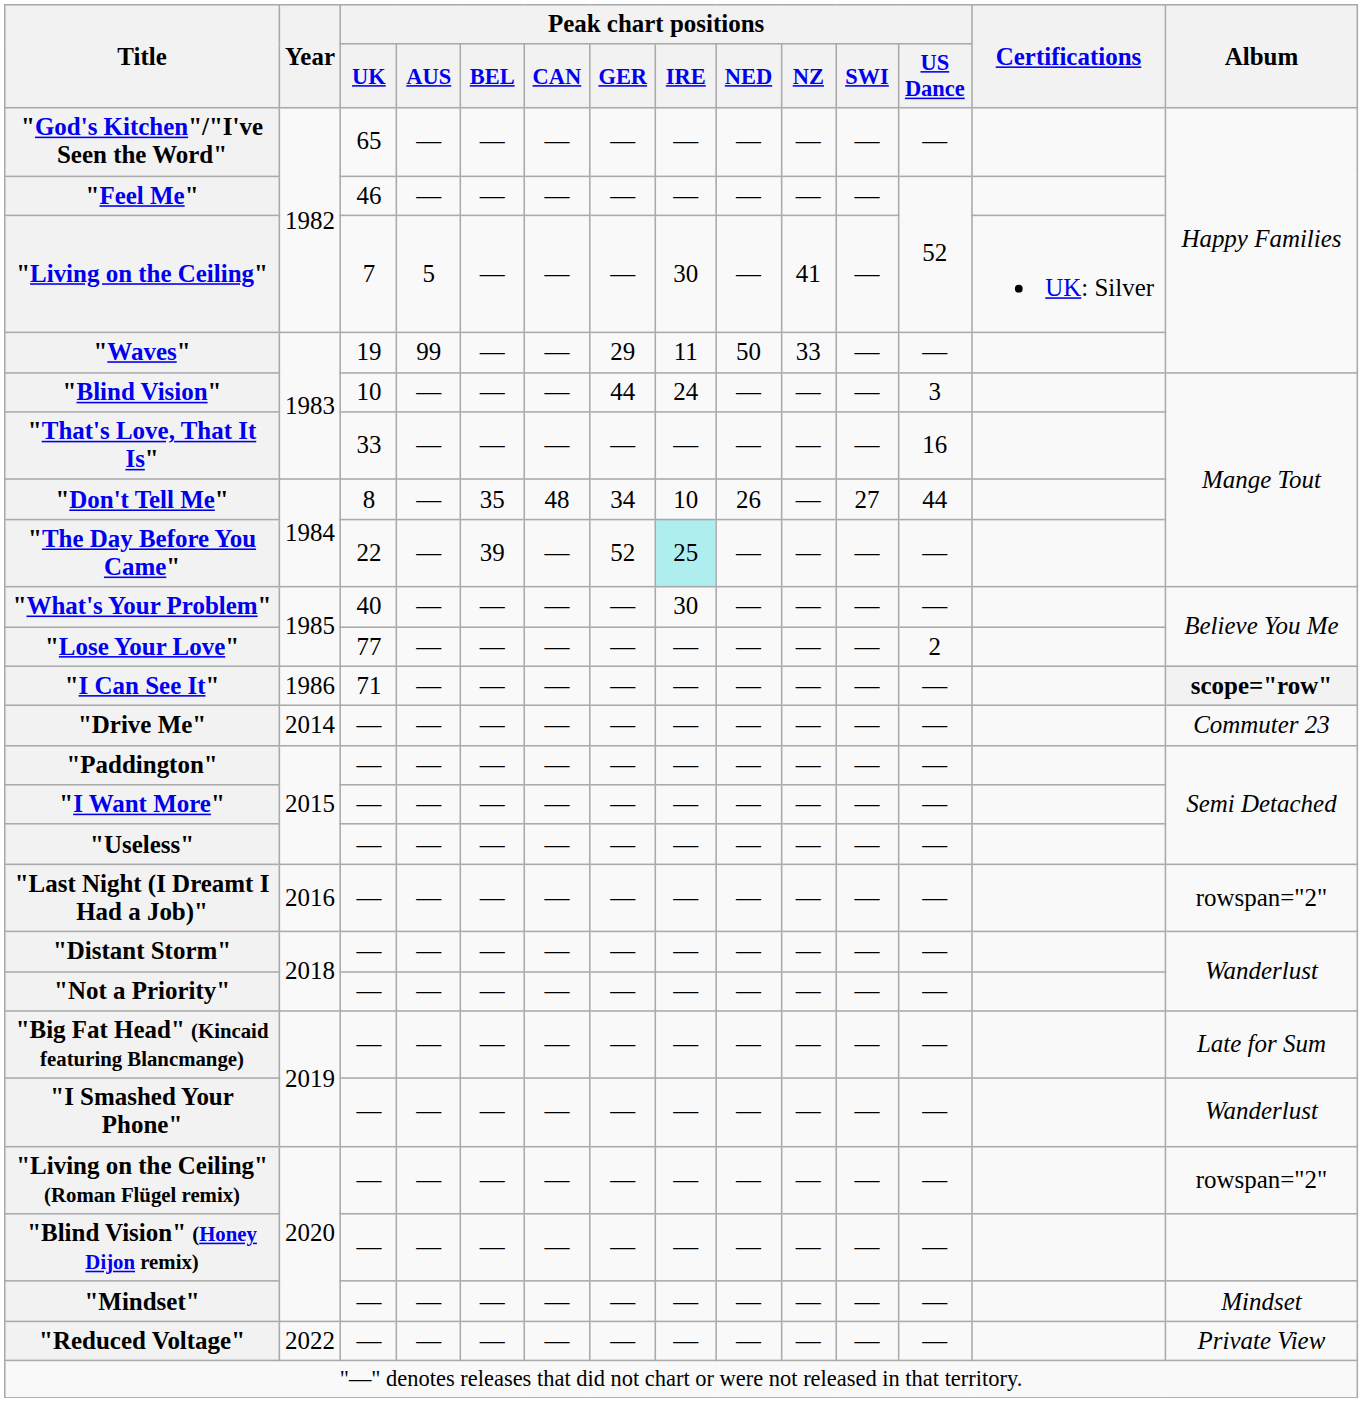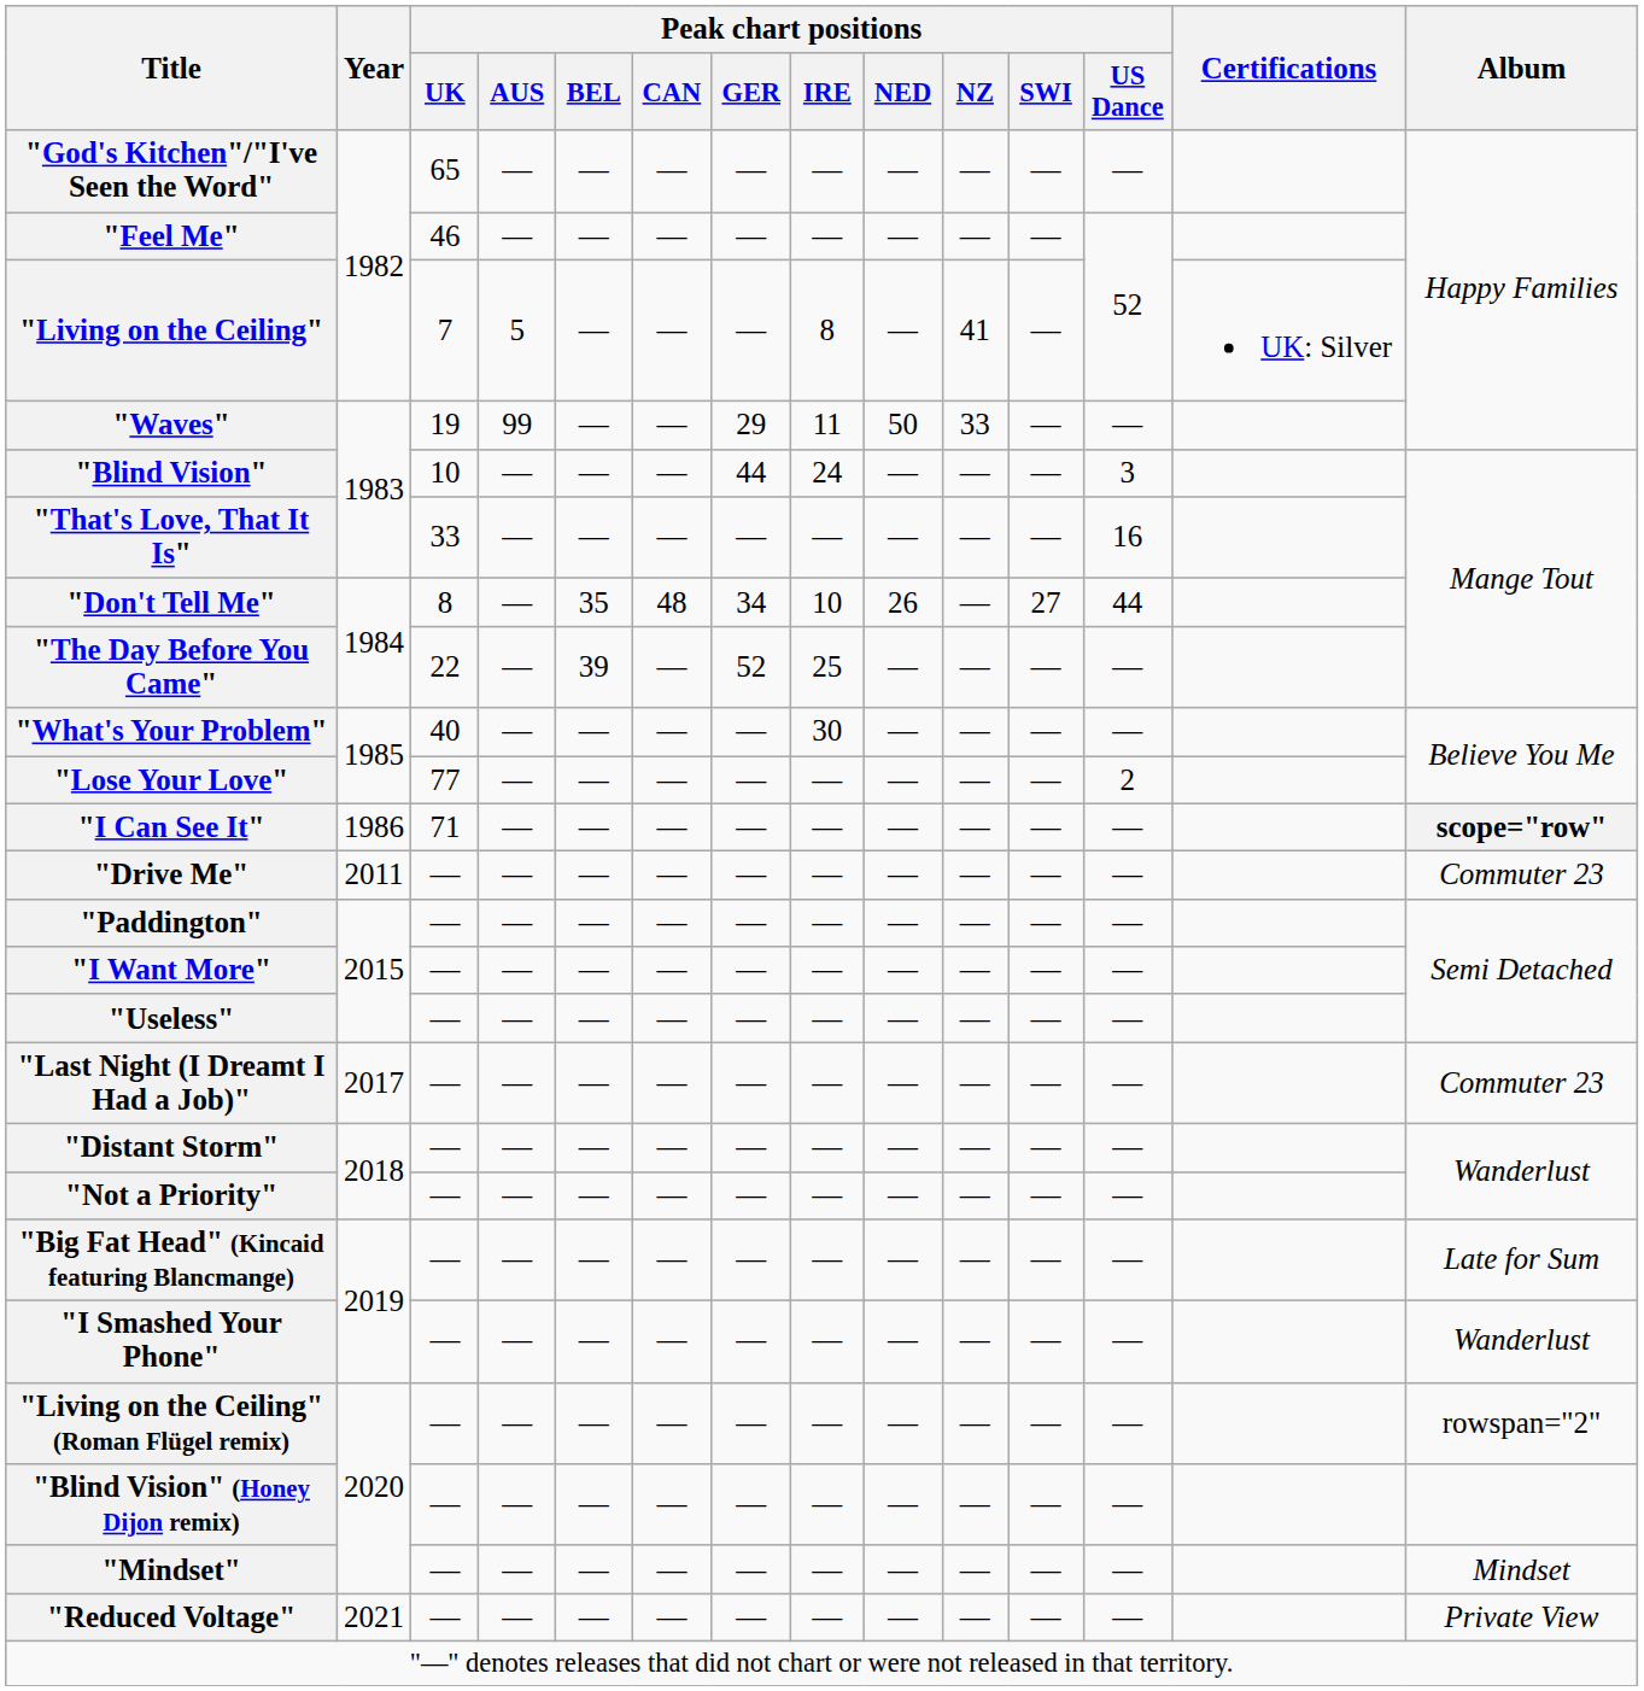 <table class="wikitable plainrowheaders" style="text-align:center;">
 <tr>
 <th rowspan="2" scope="col" style="width:18em;">Title</th>
 <th scope="col" rowspan="2" style="width:2em;">Year</th>
 <th colspan="10" scope="col">Peak chart positions</th>
 <th scope="col" rowspan="2" style="width:10em;"><a href='#'>Certifications</a></th>
 <th scope="col" rowspan="2" style="width:10em;">Album</th>
 </tr>
 <tr>
 <th scope="col" style="width:3em;font-size:90%;"><a href='#'>UK</a><br></th>
 <th scope="col" style="width:3em;font-size:90%;"><a href='#'>AUS</a><br></th>
 <th scope="col" style="width:3em;font-size:90%;"><a href='#'>BEL</a><br></th>
 <th scope="col" style="width:3em;font-size:90%;"><a href='#'>CAN</a><br></th>
 <th scope="col" style="width:3em;font-size:90%;"><a href='#'>GER</a><br></th>
 <th scope="col" style="width:3em;font-size:90%;"><a href='#'>IRE</a><br></th>
 <th scope="col" style="width:3em;font-size:90%;"><a href='#'>NED</a><br></th>
 <th scope="col" style="width:3em;font-size:90%;"><a href='#'>NZ</a><br></th>
 <th scope="col" style="width:3em;font-size:90%;"><a href='#'>SWI</a><br></th>
 <th scope="col" style="width:3em;font-size:90%;"><a href='#'>US Dance</a><br></th>
 </tr>
 <tr>
 <th scope="row">"<a href='#'>God's Kitchen</a>"/"I've Seen the Word"</th>
 <td rowspan="3">1982</td>
 <td align="center">65</td>
 <td align="center">—</td>
 <td align="center">—</td>
 <td align="center">—</td>
 <td align="center">—</td>
 <td align="center">—</td>
 <td align="center">—</td>
 <td align="center">—</td>
 <td align="center">—</td>
 <td align="center">—</td>
 <td></td>
 <td rowspan="4"><em>Happy Families</em></td>
 </tr>
 <tr>
 <th scope="row">"<a href='#'>Feel Me</a>"</th>
 <td align="center">46</td>
 <td align="center">—</td>
 <td align="center">—</td>
 <td align="center">—</td>
 <td align="center">—</td>
 <td align="center">—</td>
 <td align="center">—</td>
 <td align="center">—</td>
 <td align="center">—</td>
 <td align="center" rowspan="2">52</td>
 <td></td>
 </tr>
 <tr>
 <th scope="row">"<a href='#'>Living on the Ceiling</a>"</th>
 <td align="center">7</td>
 <td align="center">5</td>
 <td align="center">—</td>
 <td align="center">—</td>
 <td align="center">—</td>
-<td align="center">30</td>
+<td align="center">8</td>
 <td align="center">—</td>
 <td align="center">41</td>
 <td align="center">—</td>
 <td><br><ul><li><a href='#'>UK</a>: Silver</li></ul></td>
 </tr>
 <tr>
 <th scope="row">"<a href='#'>Waves</a>"</th>
 <td rowspan="3">1983</td>
 <td align="center">19</td>
 <td align="center">99</td>
 <td align="center">—</td>
 <td align="center">—</td>
 <td align="center">29</td>
 <td align="center">11</td>
 <td align="center">50</td>
 <td align="center">33</td>
 <td align="center">—</td>
 <td align="center">—</td>
 <td></td>
 </tr>
 <tr>
 <th scope="row">"<a href='#'>Blind Vision</a>"</th>
 <td align="center">10</td>
 <td align="center">—</td>
 <td align="center">—</td>
 <td align="center">—</td>
 <td align="center">44</td>
 <td align="center">24</td>
 <td align="center">—</td>
 <td align="center">—</td>
 <td align="center">—</td>
 <td align="center">3</td>
 <td></td>
 <td rowspan="4"><em>Mange Tout</em></td>
 </tr>
 <tr>
 <th scope="row">"<a href='#'>That's Love, That It Is</a>"</th>
 <td align="center">33</td>
 <td align="center">—</td>
 <td align="center">—</td>
 <td align="center">—</td>
 <td align="center">—</td>
 <td align="center">—</td>
 <td align="center">—</td>
 <td align="center">—</td>
 <td align="center">—</td>
 <td align="center">16</td>
 <td></td>
 </tr>
 <tr>
 <th scope="row">"<a href='#'>Don't Tell Me</a>"</th>
 <td rowspan="2">1984</td>
 <td align="center">8</td>
 <td align="center">—</td>
 <td align="center">35</td>
 <td align="center">48</td>
 <td align="center">34</td>
 <td align="center">10</td>
 <td align="center">26</td>
 <td align="center">—</td>
 <td align="center">27</td>
 <td align="center">44</td>
 <td></td>
 </tr>
 <tr>
 <th scope="row">"<a href='#'>The Day Before You Came</a>"</th>
 <td align="center">22</td>
 <td align="center">—</td>
 <td align="center">39</td>
 <td align="center">—</td>
 <td align="center">52</td>
-<td align="center" style="background: paleturquoise;">25</td>
+<td align="center">25</td>
 <td align="center">—</td>
 <td align="center">—</td>
 <td align="center">—</td>
 <td align="center">—</td>
 <td></td>
 </tr>
 <tr>
 <th scope="row">"<a href='#'>What's Your Problem</a>"</th>
 <td rowspan="2">1985</td>
 <td align="center">40</td>
 <td align="center">—</td>
 <td align="center">—</td>
 <td align="center">—</td>
 <td align="center">—</td>
 <td align="center">30</td>
 <td align="center">—</td>
 <td align="center">—</td>
 <td align="center">—</td>
 <td align="center">—</td>
 <td></td>
 <td rowspan="2"><em>Believe You Me</em></td>
 </tr>
 <tr>
 <th scope="row">"<a href='#'>Lose Your Love</a>"</th>
 <td align="center">77</td>
 <td align="center">—</td>
 <td align="center">—</td>
 <td align="center">—</td>
 <td align="center">—</td>
 <td align="center">—</td>
 <td align="center">—</td>
 <td align="center">—</td>
 <td align="center">—</td>
 <td align="center">2</td>
 <td></td>
 </tr>
 <tr>
 <th scope="row">"<a href='#'>I Can See It</a>"</th>
 <td>1986</td>
 <td align="center">71</td>
 <td align="center">—</td>
 <td align="center">—</td>
 <td align="center">—</td>
 <td align="center">—</td>
 <td align="center">—</td>
 <td align="center">—</td>
 <td align="center">—</td>
 <td align="center">—</td>
 <td align="center">—</td>
 <td></td>
 <th>scope="row" </th>
 </tr>
 <tr>
 <th scope="row">"Drive Me"</th>
-<td>2014</td>
+<td>2011</td>
 <td align="center">—</td>
 <td align="center">—</td>
 <td align="center">—</td>
 <td align="center">—</td>
 <td align="center">—</td>
 <td align="center">—</td>
 <td align="center">—</td>
 <td align="center">—</td>
 <td align="center">—</td>
 <td align="center">—</td>
 <td></td>
 <td><em>Commuter 23</em></td>
 </tr>
 <tr>
 <th scope="row">"Paddington"</th>
 <td rowspan="3">2015</td>
 <td align="center">—</td>
 <td align="center">—</td>
 <td align="center">—</td>
 <td align="center">—</td>
 <td align="center">—</td>
 <td align="center">—</td>
 <td align="center">—</td>
 <td align="center">—</td>
 <td align="center">—</td>
 <td align="center">—</td>
 <td></td>
 <td rowspan="3"><em>Semi Detached</em></td>
 </tr>
 <tr>
 <th scope="row">"<a href='#'>I Want More</a>"</th>
 <td align="center">—</td>
 <td align="center">—</td>
 <td align="center">—</td>
 <td align="center">—</td>
 <td align="center">—</td>
 <td align="center">—</td>
 <td align="center">—</td>
 <td align="center">—</td>
 <td align="center">—</td>
 <td align="center">—</td>
 <td></td>
 </tr>
 <tr>
 <th scope="row">"Useless"</th>
 <td align="center">—</td>
 <td align="center">—</td>
 <td align="center">—</td>
 <td align="center">—</td>
 <td align="center">—</td>
 <td align="center">—</td>
 <td align="center">—</td>
 <td align="center">—</td>
 <td align="center">—</td>
 <td align="center">—</td>
 <td></td>
 </tr>
 <tr>
 <th scope="row">"Last Night (I Dreamt I Had a Job)"</th>
-<td>2016</td>
+<td>2017</td>
 <td>—</td>
 <td>—</td>
 <td>—</td>
 <td>—</td>
 <td>—</td>
 <td>—</td>
 <td>—</td>
 <td>—</td>
 <td>—</td>
 <td>—</td>
 <td></td>
-<td>rowspan="2" </td>
+<td><em>Commuter 23</em></td>
 </tr>
 <tr>
 <th scope="row">"Distant Storm"</th>
 <td rowspan="2">2018</td>
 <td>—</td>
 <td>—</td>
 <td>—</td>
 <td>—</td>
 <td>—</td>
 <td>—</td>
 <td>—</td>
 <td>—</td>
 <td>—</td>
 <td>—</td>
 <td></td>
 <td rowspan="2"><em>Wanderlust</em></td>
 </tr>
 <tr>
 <th scope="row">"Not a Priority"</th>
 <td>—</td>
 <td>—</td>
 <td>—</td>
 <td>—</td>
 <td>—</td>
 <td>—</td>
 <td>—</td>
 <td>—</td>
 <td>—</td>
 <td>—</td>
 <td></td>
 </tr>
 <tr>
 <th scope="row">"Big Fat Head" <small>(Kincaid featuring Blancmange)</small></th>
 <td rowspan="2">2019</td>
 <td>—</td>
 <td>—</td>
 <td>—</td>
 <td>—</td>
 <td>—</td>
 <td>—</td>
 <td>—</td>
 <td>—</td>
 <td>—</td>
 <td>—</td>
 <td></td>
 <td><em>Late for Sum</em></td>
 </tr>
 <tr>
 <th scope="row">"I Smashed Your Phone"</th>
 <td>—</td>
 <td>—</td>
 <td>—</td>
 <td>—</td>
 <td>—</td>
 <td>—</td>
 <td>—</td>
 <td>—</td>
 <td>—</td>
 <td>—</td>
 <td></td>
 <td><em>Wanderlust</em></td>
 </tr>
 <tr>
 <th scope="row">"Living on the Ceiling" <small>(Roman Flügel remix)</small></th>
 <td rowspan="3">2020</td>
 <td>—</td>
 <td>—</td>
 <td>—</td>
 <td>—</td>
 <td>—</td>
 <td>—</td>
 <td>—</td>
 <td>—</td>
 <td>—</td>
 <td>—</td>
 <td></td>
 <td>rowspan="2" </td>
 </tr>
 <tr>
 <th scope="row">"Blind Vision" <small>(<a href='#'>Honey Dijon</a> remix)</small></th>
 <td>—</td>
 <td>—</td>
 <td>—</td>
 <td>—</td>
 <td>—</td>
 <td>—</td>
 <td>—</td>
 <td>—</td>
 <td>—</td>
 <td>—</td>
 <td></td>
 </tr>
 <tr>
 <th scope="row">"Mindset"</th>
 <td>—</td>
 <td>—</td>
 <td>—</td>
 <td>—</td>
 <td>—</td>
 <td>—</td>
 <td>—</td>
 <td>—</td>
 <td>—</td>
 <td>—</td>
 <td></td>
 <td><em>Mindset</em></td>
 </tr>
 <tr>
 <th scope="row">"Reduced Voltage"</th>
-<td>2022</td>
+<td>2021</td>
 <td>—</td>
 <td>—</td>
 <td>—</td>
 <td>—</td>
 <td>—</td>
 <td>—</td>
 <td>—</td>
 <td>—</td>
 <td>—</td>
 <td>—</td>
 <td></td>
 <td><em>Private View</em></td>
 </tr>
 <tr>
 <td colspan="14" style="font-size:90%">"—" denotes releases that did not chart or were not released in that territory.</td>
 </tr>
 </table>
